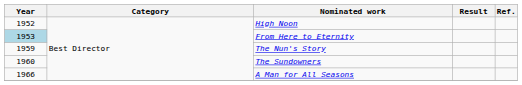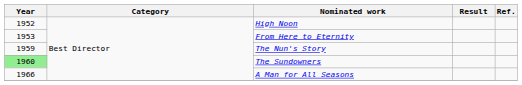 <table class=wikitable>
 <tr>
 <th scope="col" style="width:5em;">Year</th>
 <th scope="col" style="width:26em;">Category</th>
 <th scope="col" style="width:25em;">Nominated work</th>
 <th scope="col" style="width:5em;">Result</th>
 <th>Ref.</th>
 </tr>
 <tr>
 <td style="text-align:center;">1952</td>
 <td rowspan=5>Best Director</td>
 <td><em><a href='#'>High Noon</a></em></td>
 <td></td>
 <td></td>
 </tr>
 <tr>
-<td style="background: lightblue; text-align:center;">1953</td>
+<td style="text-align:center;">1953</td>
 <td><em><a href='#'>From Here to Eternity</a></em></td>
 <td></td>
 <td></td>
 </tr>
 <tr>
 <td style="text-align:center;">1959</td>
 <td><em><a href='#'>The Nun's Story</a></em></td>
 <td></td>
 <td></td>
 </tr>
 <tr>
-<td style="text-align:center;">1960</td>
+<td style="background: lightgreen; text-align:center;">1960</td>
 <td><em><a href='#'>The Sundowners</a></em></td>
 <td></td>
 <td></td>
 </tr>
 <tr>
 <td style="text-align:center;">1966</td>
 <td><em><a href='#'>A Man for All Seasons</a></em></td>
 <td></td>
 <td></td>
 </tr>
 <tr>
 </tr>
 </table>
